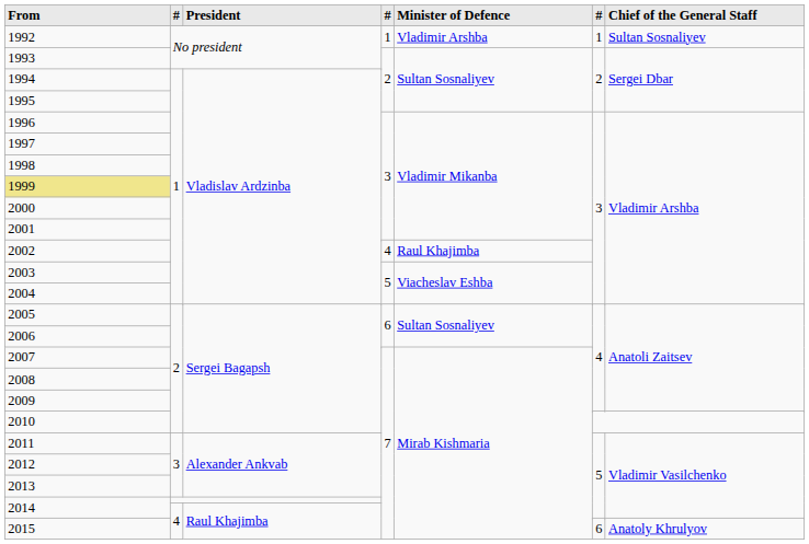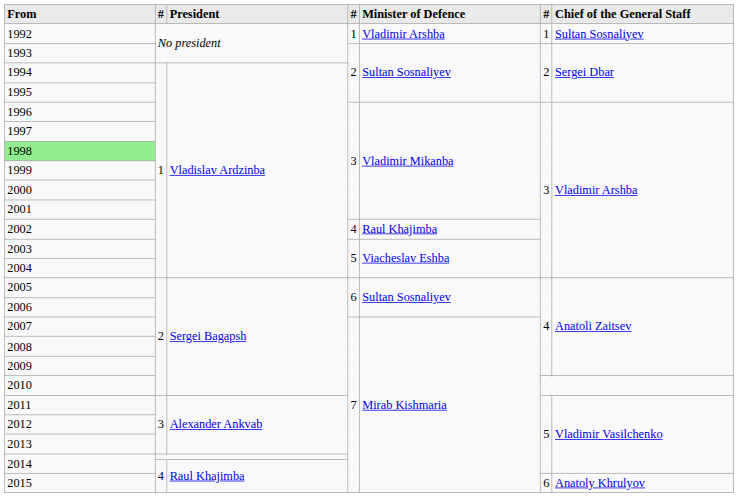 <table class="wikitable" style="width:75%;">
 <tr style="background:#e9e9e9; font-weight:bold; text-align:left;">
 <td width=200>From</td>
 <td>#</td>
 <td width=240>President</td>
 <td>#</td>
 <td width=240>Minister of Defence</td>
 <td>#</td>
 <td width=240>Chief of the General Staff</td>
 </tr>
 <tr>
 <td>1992</td>
 <td rowspan=4 colspan=2><em>No president</em></td>
 <td rowspan=2>1</td>
 <td rowspan=2><a href='#'>Vladimir Arshba</a></td>
 <td rowspan=2>1</td>
 <td rowspan=2><a href='#'>Sultan Sosnaliyev</a></td>
 </tr>
 <tr>
 <td rowspan=2>1993</td>
 </tr>
 <tr>
 <td rowspan=5>2</td>
 <td rowspan=5><a href='#'>Sultan Sosnaliyev</a></td>
 <td rowspan=5>2</td>
 <td rowspan=5><a href='#'>Sergei Dbar</a></td>
 </tr>
 <tr>
 <td rowspan=2>1994</td>
 </tr>
 <tr>
 <td rowspan=15>1</td>
 <td rowspan=15><a href='#'>Vladislav Ardzinba</a></td>
 </tr>
 <tr>
 <td>1995</td>
 </tr>
 <tr>
 <td rowspan=2>1996</td>
 </tr>
 <tr>
 <td rowspan=7>3</td>
 <td rowspan=7><a href='#'>Vladimir Mikanba</a></td>
 <td rowspan=12>3</td>
 <td rowspan=12><a href='#'>Vladimir Arshba</a></td>
 </tr>
 <tr>
 <td>1997</td>
 </tr>
 <tr>
-<td>1998</td>
+<td style="background: lightgreen;">1998</td>
 </tr>
 <tr>
-<td style="background: khaki;">1999</td>
+<td>1999</td>
 </tr>
 <tr>
 <td>2000</td>
 </tr>
 <tr>
 <td>2001</td>
 </tr>
 <tr>
 <td rowspan=2>2002</td>
 </tr>
 <tr>
 <td rowspan=2>4</td>
 <td rowspan=2><a href='#'>Raul Khajimba</a></td>
 </tr>
 <tr>
 <td rowspan=2>2003</td>
 </tr>
 <tr>
 <td rowspan=3>5</td>
 <td rowspan=3><a href='#'>Viacheslav Eshba</a></td>
 </tr>
 <tr>
 <td>2004</td>
 </tr>
 <tr>
 <td rowspan=2>2005</td>
 </tr>
 <tr>
 <td rowspan=9>2</td>
 <td rowspan=9><a href='#'>Sergei Bagapsh</a></td>
 <td rowspan=3>6</td>
 <td rowspan=3><a href='#'>Sultan Sosnaliyev</a></td>
 <td rowspan=7>4</td>
 <td rowspan=7><a href='#'>Anatoli Zaitsev</a></td>
 </tr>
 <tr>
 <td>2006</td>
 </tr>
 <tr>
 <td rowspan=2>2007</td>
 </tr>
 <tr>
 <td rowspan=15>7</td>
 <td rowspan=15><a href='#'>Mirab Kishmaria</a></td>
 </tr>
 <tr>
 <td>2008</td>
 </tr>
 <tr>
 <td>2009</td>
 </tr>
 <tr>
 <td rowspan=2>2010</td>
 </tr>
 <tr>
 <td rowspan=2 colspan=2><em></em></td>
 </tr>
 <tr>
 <td rowspan=2>2011</td>
 </tr>
 <tr>
 <td rowspan=4>3</td>
 <td rowspan=4><a href='#'>Alexander Ankvab</a></td>
 <td rowspan=7>5</td>
 <td rowspan=7><a href='#'>Vladimir Vasilchenko</a></td>
 </tr>
 <tr>
 <td>2012</td>
 </tr>
 <tr>
 <td>2013</td>
 </tr>
 <tr>
 <td rowspan=3>2014</td>
 </tr>
 <tr>
 <td colspan=2><em></em></td>
 </tr>
 <tr>
 <td rowspan=3>4</td>
 <td rowspan=3><a href='#'>Raul Khajimba</a></td>
 </tr>
 <tr>
 <td rowspan=2>2015</td>
 </tr>
 <tr>
 <td>6</td>
 <td><a href='#'>Anatoly Khrulyov</a></td>
 </tr>
 </table>
